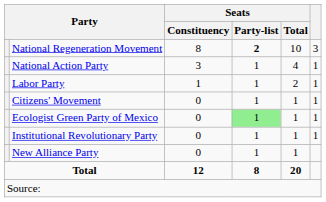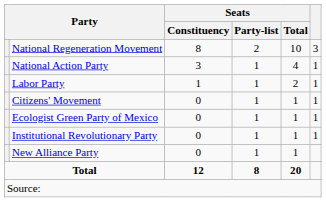 <table class="wikitable" style="text-align:center;">
 <tr>
 <th colspan="2" rowspan="2">Party</th>
 <th colspan="3">Seats</th>
 <th rowspan="2"></th>
 </tr>
 <tr>
 <th style="width:3em"><strong>Constituency</strong></th>
 <th>Party-list</th>
 <th>Total</th>
 </tr>
 <tr>
 <th style="background-color:"></th>
 <td style="text-align:left;"><a href='#'>National Regeneration Movement</a></td>
 <td>8</td>
-<td><strong>2</strong></td>
+<td>2</td>
 <td>10</td>
 <td> 3</td>
 </tr>
 <tr>
 <th style="background-color:"></th>
 <td style="text-align:left;"><a href='#'>National Action Party</a></td>
 <td>3</td>
 <td>1</td>
 <td>4</td>
 <td> 1</td>
 </tr>
 <tr>
 <th style="background-color:"></th>
 <td style="text-align:left;"><a href='#'>Labor Party</a></td>
 <td>1</td>
 <td>1</td>
 <td>2</td>
 <td> 1</td>
 </tr>
 <tr>
 <th style="background-color:"></th>
 <td style="text-align:left;"><a href='#'>Citizens' Movement</a></td>
 <td>0</td>
 <td>1</td>
 <td>1</td>
 <td> 1</td>
 </tr>
 <tr>
 <th style="background-color:"></th>
 <td style="text-align:left;"><a href='#'>Ecologist Green Party of Mexico</a></td>
 <td>0</td>
-<td style="background: lightgreen;">1</td>
+<td>1</td>
 <td>1</td>
 <td> 1</td>
 </tr>
 <tr>
 <th style="background-color:"></th>
 <td style="text-align:left;"><a href='#'>Institutional Revolutionary Party</a></td>
 <td>0</td>
 <td>1</td>
 <td>1</td>
 <td> 1</td>
 </tr>
 <tr>
 <th style="background-color:"></th>
 <td style="text-align:left;"><a href='#'>New Alliance Party</a></td>
 <td>0</td>
 <td>1</td>
 <td>1</td>
 <td></td>
 </tr>
 <tr>
 <td colspan="2"><strong>Total</strong></td>
 <td><strong>12</strong></td>
 <td><strong>8</strong></td>
 <td><strong>20</strong></td>
 <td></td>
 </tr>
 <tr>
 <td colspan="6" style="text-align:left;">Source: </td>
 </tr>
 </table>
